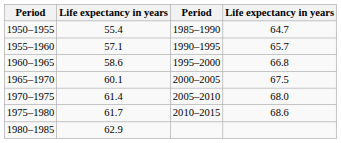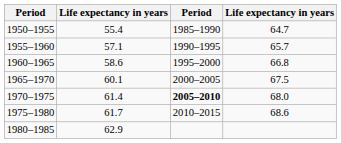 <table class="wikitable" style="text-align:center">
 <tr>
 <th>Period</th>
 <th>Life expectancy in years</th>
 <th>Period</th>
 <th>Life expectancy in years</th>
 </tr>
 <tr>
 <td>1950–1955</td>
 <td>55.4</td>
 <td>1985–1990</td>
 <td>64.7</td>
 </tr>
 <tr>
 <td>1955–1960</td>
 <td>57.1</td>
 <td>1990–1995</td>
 <td>65.7</td>
 </tr>
 <tr>
 <td>1960–1965</td>
 <td>58.6</td>
 <td>1995–2000</td>
 <td>66.8</td>
 </tr>
 <tr>
 <td>1965–1970</td>
 <td>60.1</td>
 <td>2000–2005</td>
 <td>67.5</td>
 </tr>
 <tr>
 <td>1970–1975</td>
 <td>61.4</td>
-<td>2005–2010</td>
+<td><strong>2005–2010</strong></td>
 <td>68.0</td>
 </tr>
 <tr>
 <td>1975–1980</td>
 <td>61.7</td>
 <td>2010–2015</td>
 <td>68.6</td>
 </tr>
 <tr>
 <td>1980–1985</td>
 <td>62.9</td>
 <td></td>
 <td></td>
 </tr>
 </table>
